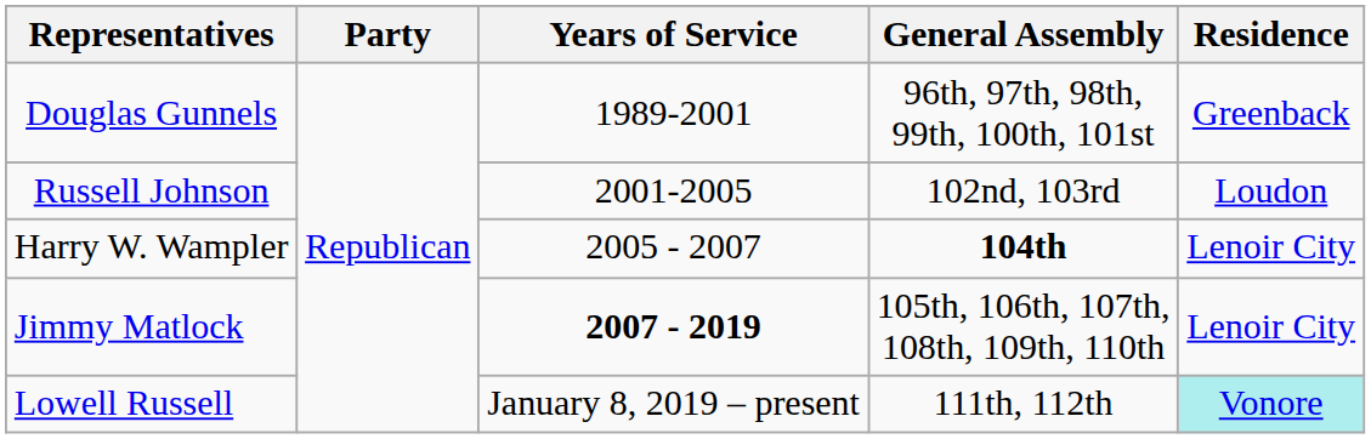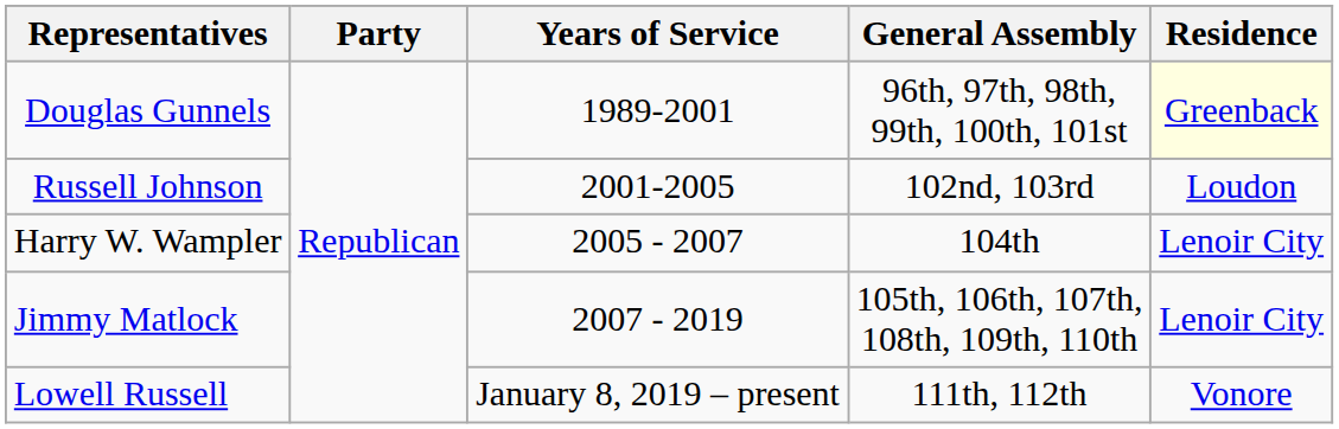 <table class="wikitable" style="text-align:center">
 <tr>
 <th>Representatives</th>
 <th>Party</th>
 <th>Years of Service</th>
 <th>General Assembly</th>
 <th>Residence</th>
 </tr>
 <tr>
 <td><a href='#'>Douglas Gunnels</a></td>
 <td rowspan=5 ><a href='#'>Republican</a></td>
 <td>1989-2001</td>
 <td>96th, 97th, 98th,<br>99th, 100th, 101st</td>
-<td><a href='#'>Greenback</a></td>
+<td style="background: lightyellow;"><a href='#'>Greenback</a></td>
 </tr>
 <tr>
 <td><a href='#'>Russell Johnson</a></td>
 <td>2001-2005</td>
 <td>102nd, 103rd</td>
 <td><a href='#'>Loudon</a></td>
 </tr>
 <tr>
 <td align="left" nowrap="">Harry W. Wampler</td>
 <td>2005 - 2007</td>
-<td><strong>104th</strong></td>
+<td>104th</td>
 <td><a href='#'>Lenoir City</a></td>
 </tr>
 <tr>
 <td align="left" nowrap=""><a href='#'>Jimmy Matlock</a></td>
-<td><strong>2007 - 2019</strong></td>
+<td>2007 - 2019</td>
 <td>105th, 106th, 107th,<br>108th, 109th, 110th</td>
 <td><a href='#'>Lenoir City</a></td>
 </tr>
 <tr>
 <td align="left" nowrap=""><a href='#'>Lowell Russell</a></td>
 <td>January 8, 2019 – present</td>
 <td>111th, 112th</td>
-<td style="background: paleturquoise;"><a href='#'>Vonore</a></td>
+<td><a href='#'>Vonore</a></td>
 </tr>
 </table>
